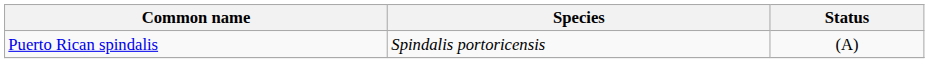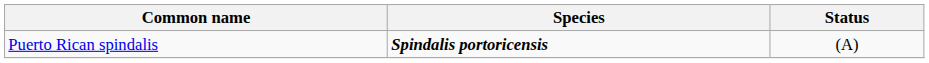 <table width=70% class="wikitable">
 <tr>
 <th width=20%>Common name</th>
 <th width=20%>Species</th>
 <th width=8%>Status</th>
 </tr>
 <tr>
 <td><a href='#'>Puerto Rican spindalis</a></td>
-<td><em>Spindalis portoricensis</em></td>
+<td><strong><em>Spindalis portoricensis</em></strong></td>
 <td align=center>(A)</td>
 </tr>
 <tr>
 </tr>
 </table>
